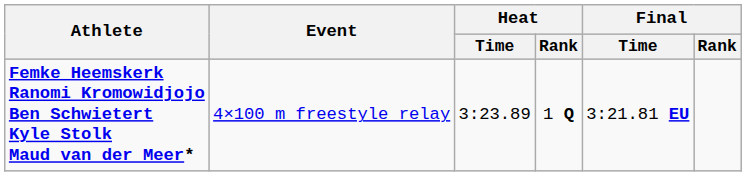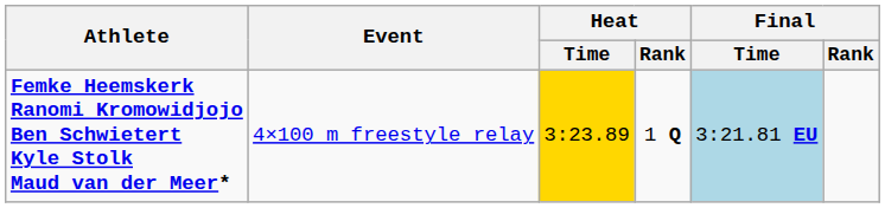 <table class=wikitable style="font-size:90%">
 <tr>
 <th rowspan="2">Athlete</th>
 <th rowspan="2">Event</th>
 <th colspan="2">Heat</th>
 <th colspan="2">Final</th>
 </tr>
 <tr style="font-size:95%">
 <th>Time</th>
 <th>Rank</th>
 <th>Time</th>
 <th>Rank</th>
 </tr>
 <tr align=center>
 <td align=left><strong><a href='#'>Femke Heemskerk</a><br><a href='#'>Ranomi Kromowidjojo</a><br><a href='#'>Ben Schwietert</a><br><a href='#'>Kyle Stolk</a><br><a href='#'>Maud van der Meer</a>*</strong></td>
 <td align=left><a href='#'>4×100 m freestyle relay</a></td>
-<td>3:23.89</td>
+<td style="background: gold;">3:23.89</td>
 <td>1 <strong>Q</strong></td>
-<td>3:21.81 <strong><a href='#'>EU</a></strong></td>
+<td style="background: lightblue;">3:21.81 <strong><a href='#'>EU</a></strong></td>
 <td></td>
 </tr>
 </table>
